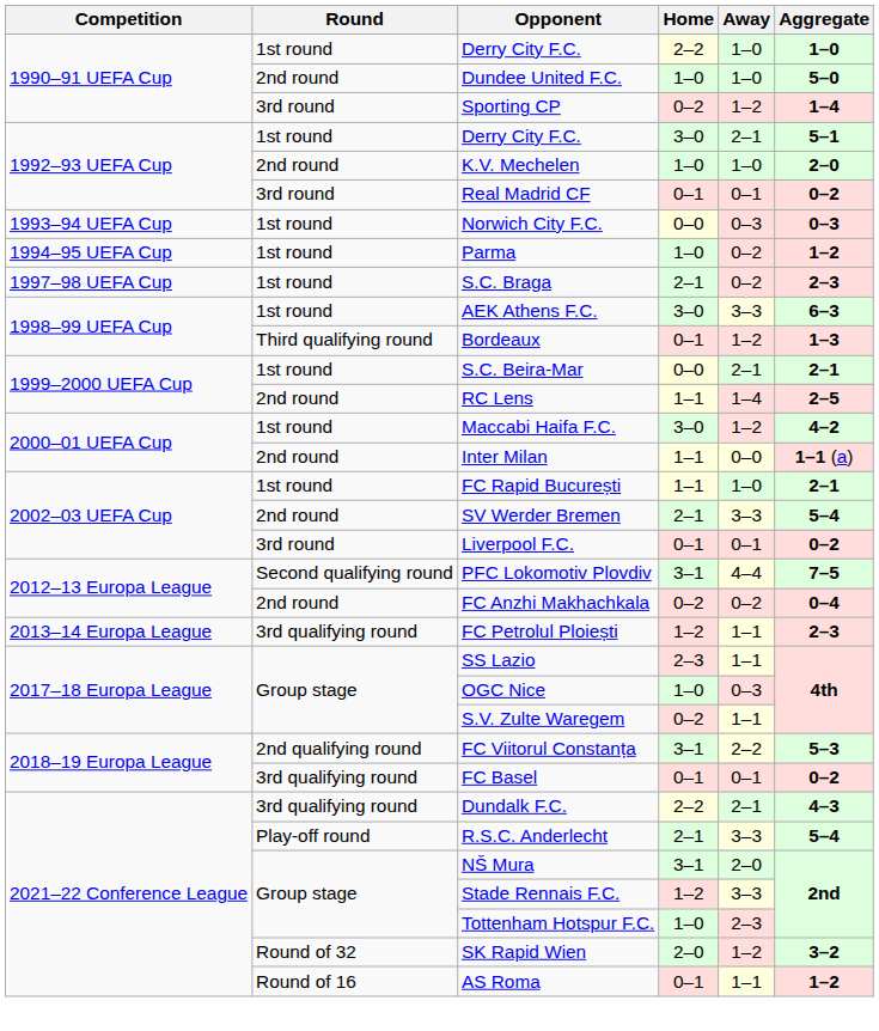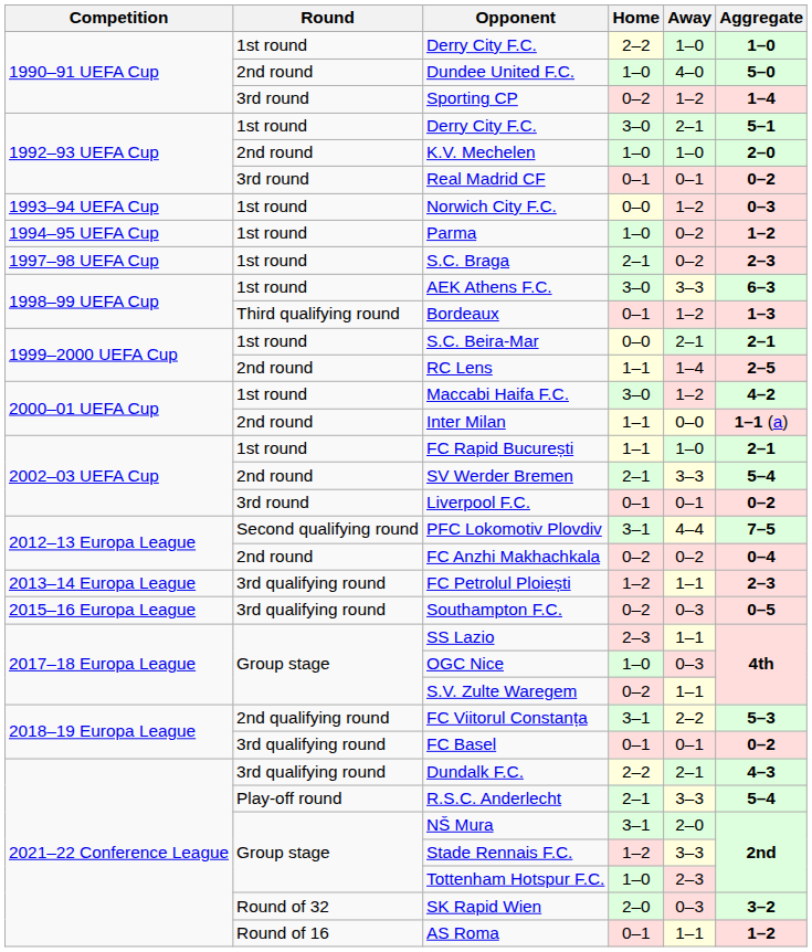 <table class="wikitable">
 <tr>
 <th>Competition</th>
 <th>Round</th>
 <th>Opponent</th>
 <th>Home</th>
 <th>Away</th>
 <th>Aggregate</th>
 </tr>
 <tr>
 <td rowspan="3"><a href='#'>1990–91 UEFA Cup</a></td>
 <td>1st round</td>
 <td> <a href='#'>Derry City F.C.</a></td>
 <td bgcolor="#ffffdd" style="text-align:center;">2–2</td>
 <td bgcolor="#ddffdd" style="text-align:center;">1–0</td>
 <td bgcolor="#ddffdd" style="text-align:center;"><strong>1–0</strong></td>
 </tr>
 <tr>
 <td>2nd round</td>
 <td> <a href='#'>Dundee United F.C.</a></td>
 <td bgcolor="#ddffdd" style="text-align:center;">1–0</td>
-<td bgcolor="#ddffdd" style="text-align:center;">1–0</td>
+<td bgcolor="#ddffdd" style="text-align:center;">4–0</td>
 <td bgcolor="#ddffdd" style="text-align:center;"><strong>5–0</strong></td>
 </tr>
 <tr>
 <td>3rd round</td>
 <td> <a href='#'>Sporting CP</a></td>
 <td bgcolor="#ffdddd" style="text-align:center;">0–2</td>
 <td bgcolor="#ffdddd" style="text-align:center;">1–2</td>
 <td bgcolor="#ffdddd" style="text-align:center;"><strong>1–4</strong></td>
 </tr>
 <tr>
 <td rowspan="3"><a href='#'>1992–93 UEFA Cup</a></td>
 <td>1st round</td>
 <td> <a href='#'>Derry City F.C.</a></td>
 <td bgcolor="#ddffdd" style="text-align:center;">3–0</td>
 <td bgcolor="#ddffdd" style="text-align:center;">2–1</td>
 <td bgcolor="#ddffdd" style="text-align:center;"><strong>5–1</strong></td>
 </tr>
 <tr>
 <td>2nd round</td>
 <td> <a href='#'>K.V. Mechelen</a></td>
 <td bgcolor="#ddffdd" style="text-align:center;">1–0</td>
 <td bgcolor="#ddffdd" style="text-align:center;">1–0</td>
 <td bgcolor="#ddffdd" style="text-align:center;"><strong>2–0</strong></td>
 </tr>
 <tr>
 <td>3rd round</td>
 <td> <a href='#'>Real Madrid CF</a></td>
 <td bgcolor="#ffdddd" style="text-align:center;">0–1</td>
 <td bgcolor="#ffdddd" style="text-align:center;">0–1</td>
 <td bgcolor="#ffdddd" style="text-align:center;"><strong>0–2</strong></td>
 </tr>
 <tr>
 <td><a href='#'>1993–94 UEFA Cup</a></td>
 <td>1st round</td>
 <td> <a href='#'>Norwich City F.C.</a></td>
 <td bgcolor="#ffffdd" style="text-align:center;">0–0</td>
-<td bgcolor="#ffdddd" style="text-align:center;">0–3</td>
+<td bgcolor="#ffdddd" style="text-align:center;">1–2</td>
 <td bgcolor="#ffdddd" style="text-align:center;"><strong>0–3</strong></td>
 </tr>
 <tr>
 <td><a href='#'>1994–95 UEFA Cup</a></td>
 <td>1st round</td>
 <td> <a href='#'>Parma</a></td>
 <td bgcolor="#ddffdd" style="text-align:center;">1–0</td>
 <td bgcolor="#ffdddd" style="text-align:center;">0–2</td>
 <td bgcolor="#ffdddd" style="text-align:center;"><strong>1–2</strong></td>
 </tr>
 <tr>
 <td><a href='#'>1997–98 UEFA Cup</a></td>
 <td>1st round</td>
 <td> <a href='#'>S.C. Braga</a></td>
 <td bgcolor="#ddffdd" style="text-align:center;">2–1</td>
 <td bgcolor="#ffdddd" style="text-align:center;">0–2</td>
 <td bgcolor="#ffdddd" style="text-align:center;"><strong>2–3</strong></td>
 </tr>
 <tr>
 <td rowspan="2"><a href='#'>1998–99 UEFA Cup</a></td>
 <td>1st round</td>
 <td> <a href='#'>AEK Athens F.C.</a></td>
 <td bgcolor="#ddffdd" style="text-align:center;">3–0</td>
 <td bgcolor="#ffffdd" style="text-align:center;">3–3</td>
 <td bgcolor="#ddffdd" style="text-align:center;"><strong>6–3</strong></td>
 </tr>
 <tr>
 <td>Third qualifying round</td>
 <td> <a href='#'>Bordeaux</a></td>
 <td bgcolor="#ffdddd" style="text-align:center;">0–1</td>
 <td bgcolor="#ffdddd" style="text-align:center;">1–2</td>
 <td bgcolor="#ffdddd" style="text-align:center;"><strong>1–3</strong></td>
 </tr>
 <tr>
 <td rowspan="2"><a href='#'>1999–2000 UEFA Cup</a></td>
 <td>1st round</td>
 <td> <a href='#'>S.C. Beira-Mar</a></td>
 <td bgcolor="#ffffdd" style="text-align:center;">0–0</td>
 <td bgcolor="#ddffdd" style="text-align:center;">2–1</td>
 <td bgcolor="#ddffdd" style="text-align:center;"><strong>2–1</strong></td>
 </tr>
 <tr>
 <td>2nd round</td>
 <td> <a href='#'>RC Lens</a></td>
 <td bgcolor="#ffffdd" style="text-align:center;">1–1</td>
 <td bgcolor="#ffdddd" style="text-align:center;">1–4</td>
 <td bgcolor="#ffdddd" style="text-align:center;"><strong>2–5</strong></td>
 </tr>
 <tr>
 <td rowspan="2"><a href='#'>2000–01 UEFA Cup</a></td>
 <td>1st round</td>
 <td> <a href='#'>Maccabi Haifa F.C.</a></td>
 <td bgcolor="#ddffdd" style="text-align:center;">3–0</td>
 <td bgcolor="#ffdddd" style="text-align:center;">1–2</td>
 <td bgcolor="#ddffdd" style="text-align:center;"><strong>4–2</strong></td>
 </tr>
 <tr>
 <td>2nd round</td>
 <td> <a href='#'>Inter Milan</a></td>
 <td bgcolor="#ffffdd" style="text-align:center;">1–1</td>
 <td bgcolor="#ffffdd" style="text-align:center;">0–0</td>
 <td bgcolor="#ffdddd" style="text-align:center;"><strong>1–1</strong> (<a href='#'>a</a>)</td>
 </tr>
 <tr>
 <td rowspan="3"><a href='#'>2002–03 UEFA Cup</a></td>
 <td>1st round</td>
 <td> <a href='#'>FC Rapid București</a></td>
 <td bgcolor="#ffffdd" style="text-align:center;">1–1</td>
 <td bgcolor="#ddffdd" style="text-align:center;">1–0</td>
 <td bgcolor="#ddffdd" style="text-align:center;"><strong>2–1</strong></td>
 </tr>
 <tr>
 <td>2nd round</td>
 <td> <a href='#'>SV Werder Bremen</a></td>
 <td bgcolor="#ddffdd" style="text-align:center;">2–1</td>
 <td bgcolor="#ffffdd" style="text-align:center;">3–3</td>
 <td bgcolor="#ddffdd" style="text-align:center;"><strong>5–4</strong></td>
 </tr>
 <tr>
 <td>3rd round</td>
 <td> <a href='#'>Liverpool F.C.</a></td>
 <td bgcolor="#ffdddd" style="text-align:center;">0–1</td>
 <td bgcolor="#ffdddd" style="text-align:center;">0–1</td>
 <td bgcolor="#ffdddd" style="text-align:center;"><strong>0–2</strong></td>
 </tr>
 <tr>
 <td rowspan="2"><a href='#'>2012–13 Europa League</a></td>
 <td>Second qualifying round</td>
 <td> <a href='#'>PFC Lokomotiv Plovdiv</a></td>
 <td bgcolor="#ddffdd" style="text-align:center;">3–1</td>
 <td bgcolor="#ffffdd" style="text-align:center;">4–4</td>
 <td bgcolor="#ddffdd" style="text-align:center;"><strong>7–5</strong></td>
 </tr>
 <tr>
 <td>2nd round</td>
 <td> <a href='#'>FC Anzhi Makhachkala</a></td>
 <td bgcolor="#ffdddd" style="text-align:center;">0–2</td>
 <td bgcolor="#ffdddd" style="text-align:center;">0–2</td>
 <td bgcolor="#ffdddd" style="text-align:center;"><strong>0–4</strong></td>
 </tr>
 <tr>
 <td><a href='#'>2013–14 Europa League</a></td>
 <td>3rd qualifying round</td>
 <td> <a href='#'>FC Petrolul Ploiești</a></td>
 <td bgcolor="#ffdddd" style="text-align:center;">1–2</td>
 <td bgcolor="#ffffdd" style="text-align:center;">1–1</td>
 <td bgcolor="#ffdddd" style="text-align:center;"><strong>2–3</strong></td>
 </tr>
 <tr>
+<td><a href='#'>2015–16 Europa League</a></td>
+<td>3rd qualifying round</td>
+<td> <a href='#'>Southampton F.C.</a></td>
+<td bgcolor="#ffdddd" style="text-align:center;">0–2</td>
+<td bgcolor="#ffdddd" style="text-align:center;">0–3</td>
+<td bgcolor="#ffdddd" style="text-align:center;"><strong>0–5</strong></td>
+</tr>
+<tr>
 <td rowspan="3"><a href='#'>2017–18 Europa League</a></td>
 <td rowspan="3">Group stage</td>
 <td> <a href='#'>SS Lazio</a></td>
 <td bgcolor="#ffdddd" style="text-align:center;">2–3</td>
 <td bgcolor="#ffffdd" style="text-align:center;">1–1</td>
 <td bgcolor="#ffdddd" style="text-align:center;" rowspan="3"><strong>4th</strong></td>
 </tr>
 <tr>
 <td> <a href='#'>OGC Nice</a></td>
 <td bgcolor="#ddffdd" style="text-align:center;">1–0</td>
 <td bgcolor="#ffdddd" style="text-align:center;">0–3</td>
 </tr>
 <tr>
 <td> <a href='#'>S.V. Zulte Waregem</a></td>
 <td bgcolor="#ffdddd" style="text-align:center;">0–2</td>
 <td bgcolor="#ffffdd" style="text-align:center;">1–1</td>
 </tr>
 <tr>
 <td rowspan="2"><a href='#'>2018–19 Europa League</a></td>
 <td>2nd qualifying round</td>
 <td> <a href='#'>FC Viitorul Constanța</a></td>
 <td bgcolor="#ddffdd" style="text-align:center;">3–1</td>
 <td bgcolor="#ffffdd" style="text-align:center;">2–2</td>
 <td bgcolor="#ddffdd" style="text-align:center;"><strong>5–3</strong></td>
 </tr>
 <tr>
 <td>3rd qualifying round</td>
 <td> <a href='#'>FC Basel</a></td>
 <td bgcolor="#ffdddd" style="text-align:center;">0–1</td>
 <td bgcolor="#ffdddd" style="text-align:center;">0–1</td>
 <td bgcolor="#ffdddd" style="text-align:center;"><strong>0–2</strong></td>
 </tr>
 <tr>
 <td rowspan="7"><a href='#'>2021–22 Conference League</a></td>
 <td>3rd qualifying round</td>
 <td> <a href='#'>Dundalk F.C.</a></td>
 <td bgcolor="#ffffdd" style="text-align:center;">2–2</td>
 <td bgcolor="#ddffdd" style="text-align:center;">2–1</td>
 <td bgcolor="#ddffdd" style="text-align:center;"><strong>4–3</strong></td>
 </tr>
 <tr>
 <td>Play-off round</td>
 <td> <a href='#'>R.S.C. Anderlecht</a></td>
 <td bgcolor="#ddffdd" style="text-align:center;">2–1</td>
 <td bgcolor="#ffffdd" style="text-align:center;">3–3</td>
 <td bgcolor="#ddffdd" style="text-align:center;"><strong>5–4</strong></td>
 </tr>
 <tr>
 <td rowspan="3">Group stage</td>
 <td> <a href='#'>NŠ Mura</a></td>
 <td bgcolor="#ddffdd" style="text-align:center;">3–1</td>
 <td bgcolor="#ddffdd" style="text-align:center;">2–0</td>
 <td bgcolor="#ddffdd" style="text-align:center;" rowspan="3"><strong>2nd</strong></td>
 </tr>
 <tr>
 <td> <a href='#'>Stade Rennais F.C.</a></td>
 <td bgcolor="#ffdddd" style="text-align:center;">1–2</td>
 <td bgcolor="#ffffdd" style="text-align:center;">3–3</td>
 </tr>
 <tr>
 <td> <a href='#'>Tottenham Hotspur F.C.</a></td>
 <td bgcolor="#ddffdd" style="text-align:center;">1–0</td>
 <td bgcolor="#ffdddd" style="text-align:center;">2–3</td>
 </tr>
 <tr>
 <td>Round of 32</td>
 <td> <a href='#'>SK Rapid Wien</a></td>
 <td bgcolor="#ddffdd" style="text-align:center;">2–0</td>
-<td bgcolor="#ffdddd" style="text-align:center;">1–2</td>
+<td bgcolor="#ffdddd" style="text-align:center;">0–3</td>
 <td bgcolor="#ddffdd" style="text-align:center;"><strong>3–2</strong></td>
 </tr>
 <tr>
 <td>Round of 16</td>
 <td> <a href='#'>AS Roma</a></td>
 <td bgcolor="#ffdddd" style="text-align:center;">0–1</td>
 <td bgcolor="#ffffdd" style="text-align:center;">1–1</td>
 <td bgcolor="#ffdddd" style="text-align:center;"><strong>1–2</strong></td>
 </tr>
 </table>
